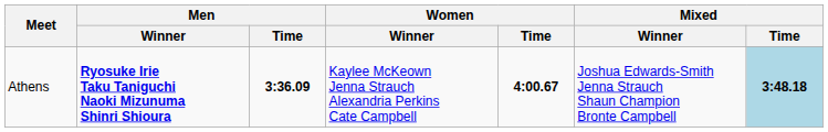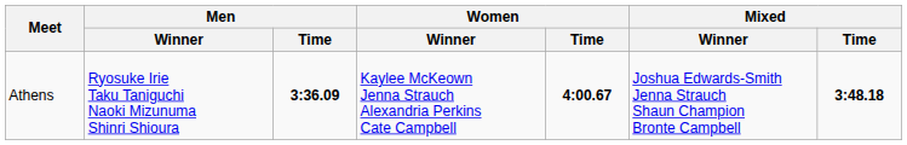 <table class="wikitable">
 <tr>
 <th width=80 rowspan=2>Meet</th>
 <th colspan=2>Men</th>
 <th colspan=2>Women</th>
 <th colspan=2>Mixed</th>
 </tr>
 <tr>
 <th width=200>Winner</th>
 <th width=85>Time</th>
 <th width=200>Winner</th>
 <th width=85>Time</th>
 <th width=200>Winner</th>
 <th width=85>Time</th>
 </tr>
 <tr>
 <td>Athens</td>
-<td><strong><br><a href='#'>Ryosuke Irie</a><br><a href='#'>Taku Taniguchi</a><br><a href='#'>Naoki Mizunuma</a><br><a href='#'>Shinri Shioura</a></strong></td>
+<td><br><a href='#'>Ryosuke Irie</a><br><a href='#'>Taku Taniguchi</a><br><a href='#'>Naoki Mizunuma</a><br><a href='#'>Shinri Shioura</a></td>
 <td align=center><strong>3:36.09</strong></td>
 <td><br><a href='#'>Kaylee McKeown</a><br><a href='#'>Jenna Strauch</a><br><a href='#'>Alexandria Perkins</a><br><a href='#'>Cate Campbell</a></td>
 <td align=center><strong>4:00.67</strong></td>
 <td><br><a href='#'>Joshua Edwards-Smith</a><br><a href='#'>Jenna Strauch</a><br><a href='#'>Shaun Champion</a><br><a href='#'>Bronte Campbell</a></td>
-<td align=center style="background: lightblue;"><strong>3:48.18</strong></td>
+<td align=center><strong>3:48.18</strong></td>
 </tr>
 </table>
